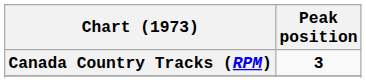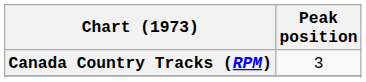 <table class="wikitable sortable plainrowheaders" style="text-align:center">
 <tr>
 <th scope="col">Chart (1973)</th>
 <th scope="col">Peak<br>position</th>
 </tr>
 <tr>
 <th scope="row">Canada Country Tracks (<em><a href='#'>RPM</a></em>)</th>
-<td align="center"><strong>3</strong></td>
+<td align="center">3</td>
 </tr>
 <tr>
 </tr>
 <tr>
 </tr>
 </table>
